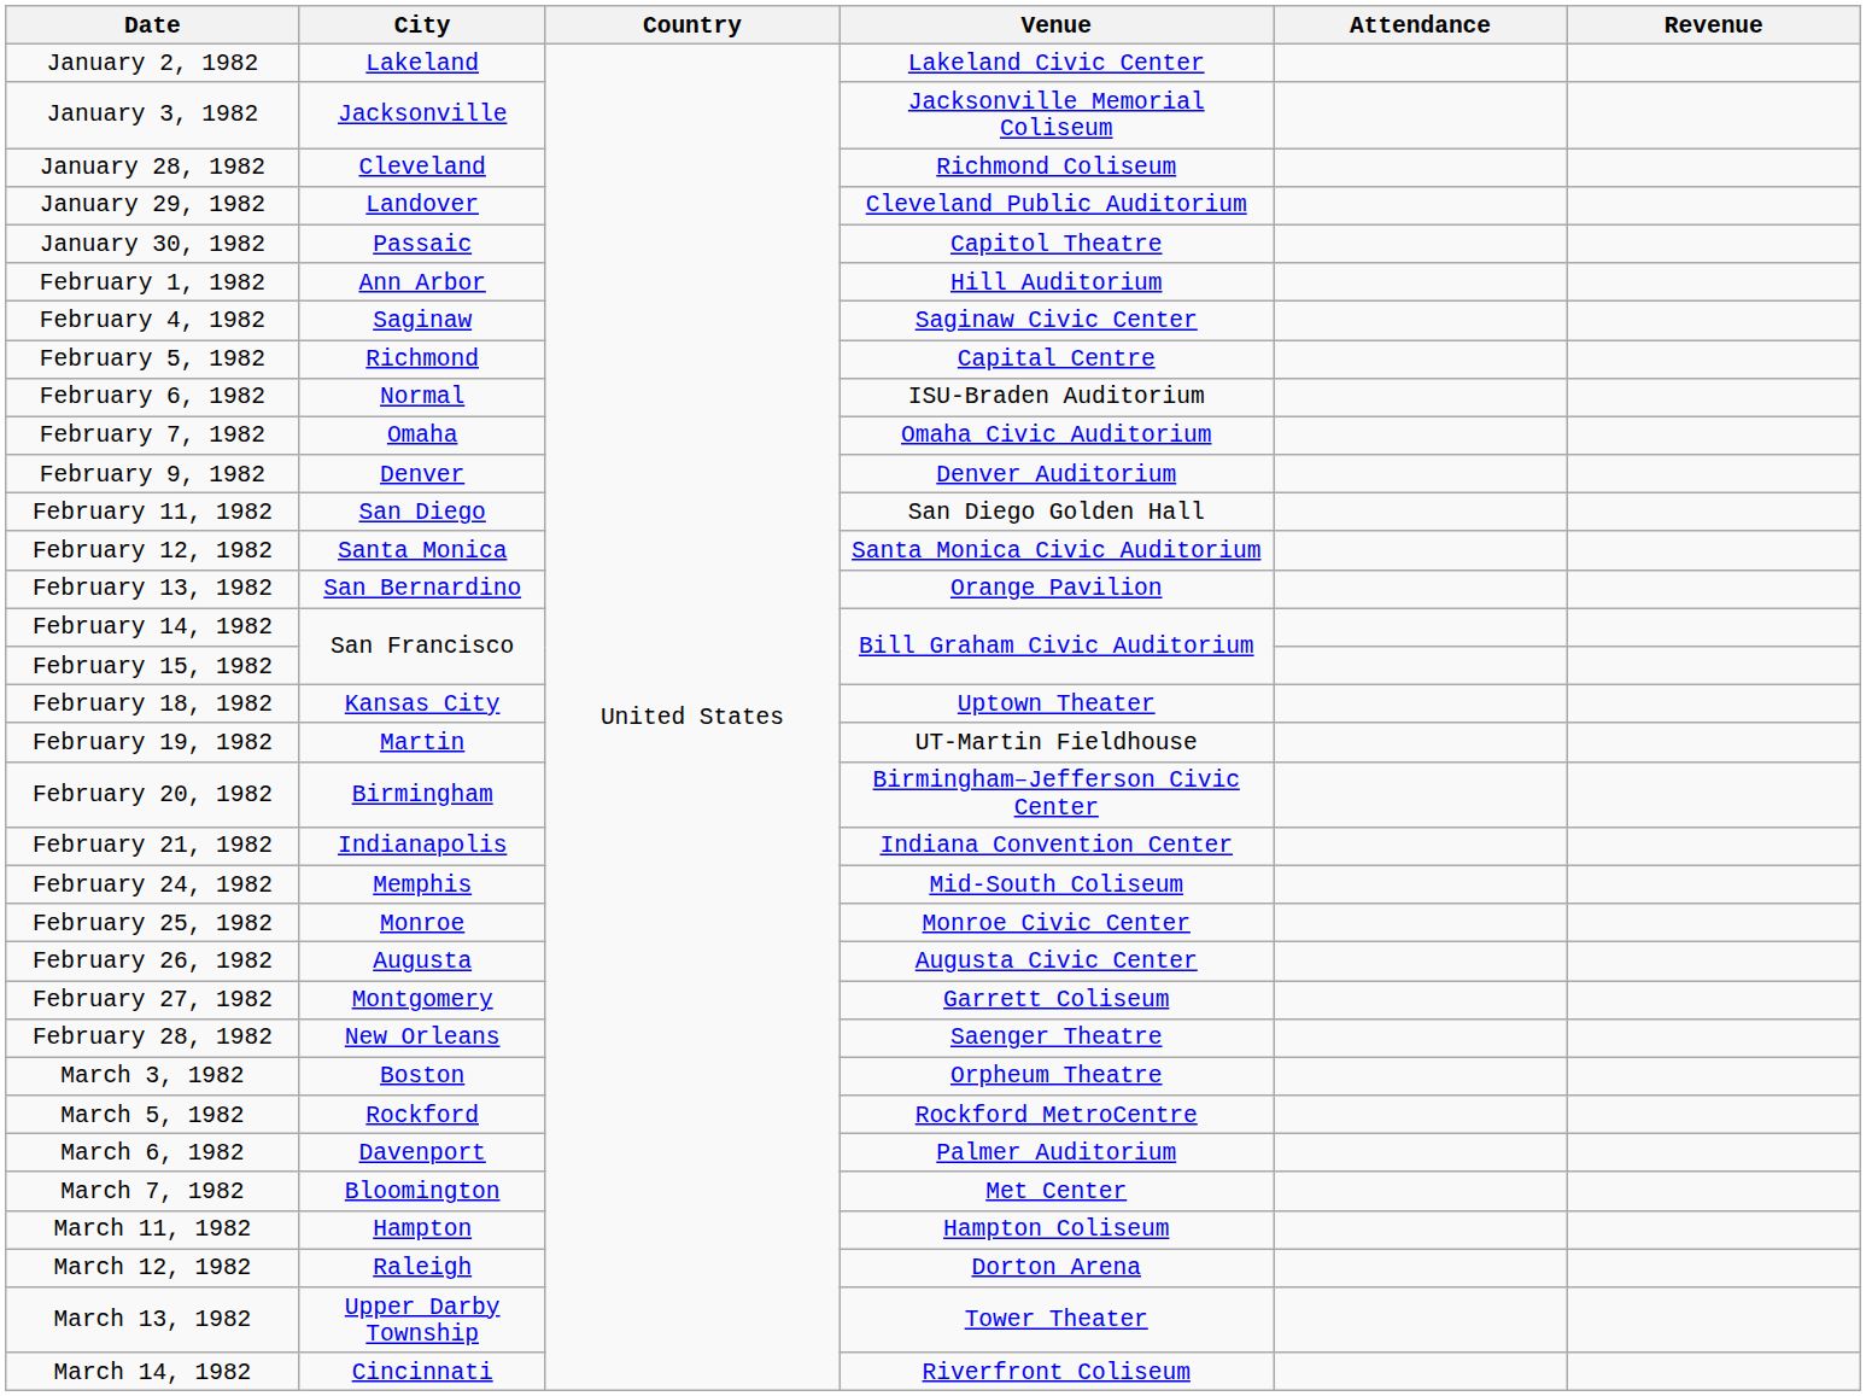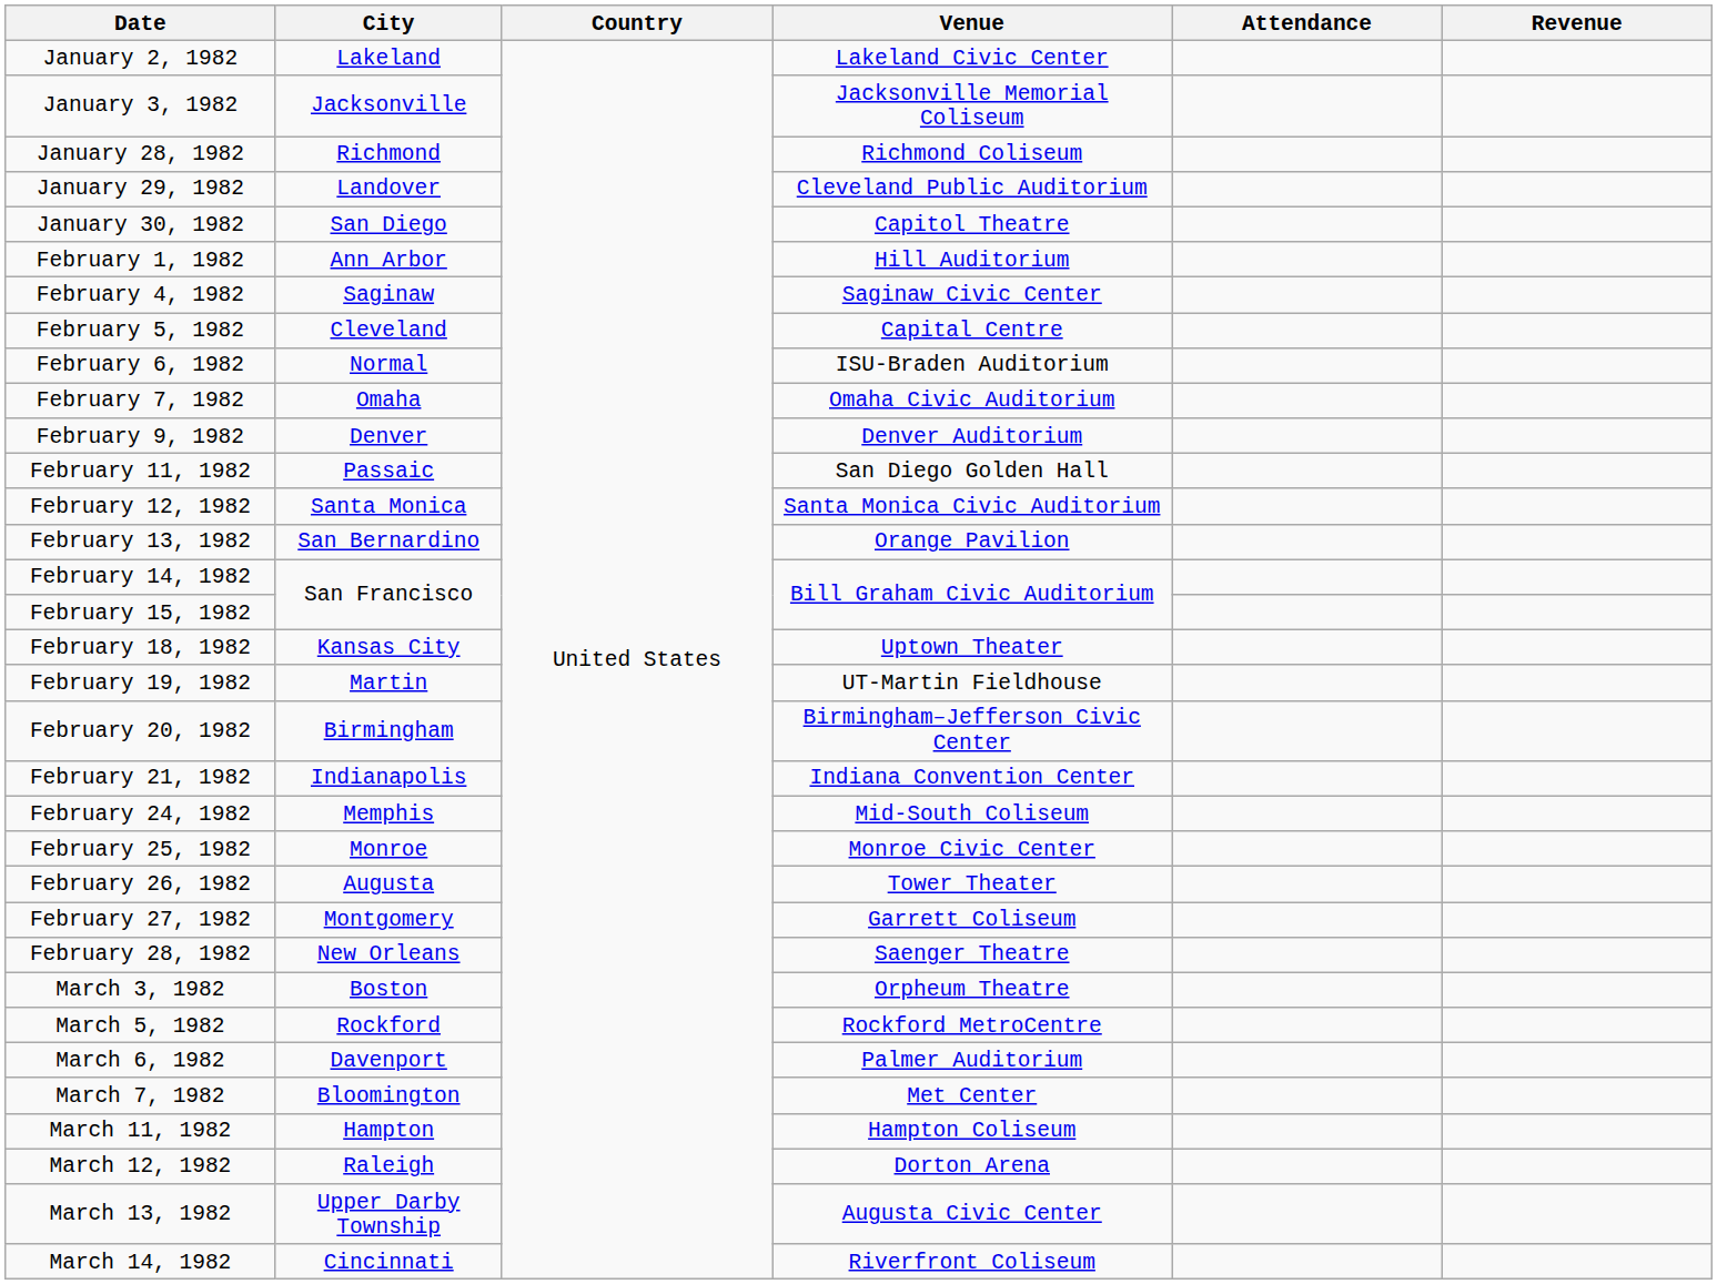 <table class="wikitable" style="text-align:center;">
 <tr>
 <th scope="col" style="width:12em;">Date</th>
 <th scope="col" style="width:10em;">City</th>
 <th scope="col" style="width:12em;">Country</th>
 <th scope="col" style="width:18em;">Venue</th>
 <th scope="col" style="width:12em;">Attendance</th>
 <th scope="col" style="width:12em;">Revenue</th>
 </tr>
 <tr>
 <td>January 2, 1982</td>
 <td><a href='#'>Lakeland</a></td>
 <td rowspan="33">United States</td>
 <td><a href='#'>Lakeland Civic Center</a></td>
 <td></td>
 <td></td>
 </tr>
 <tr>
 <td>January 3, 1982</td>
 <td><a href='#'>Jacksonville</a></td>
 <td><a href='#'>Jacksonville Memorial Coliseum</a></td>
 <td></td>
 <td></td>
 </tr>
 <tr>
 <td>January 28, 1982</td>
-<td><a href='#'>Cleveland</a></td>
+<td><a href='#'>Richmond</a></td>
 <td><a href='#'>Richmond Coliseum</a></td>
 <td></td>
 <td></td>
 </tr>
 <tr>
 <td>January 29, 1982</td>
 <td><a href='#'>Landover</a></td>
 <td><a href='#'>Cleveland Public Auditorium</a></td>
 <td></td>
 <td></td>
 </tr>
 <tr>
 <td>January 30, 1982</td>
-<td><a href='#'>Passaic</a></td>
+<td><a href='#'>San Diego</a></td>
 <td><a href='#'>Capitol Theatre</a></td>
 <td></td>
 <td></td>
 </tr>
 <tr>
 <td>February 1, 1982</td>
 <td><a href='#'>Ann Arbor</a></td>
 <td><a href='#'>Hill Auditorium</a></td>
 <td></td>
 <td></td>
 </tr>
 <tr>
 <td>February 4, 1982</td>
 <td><a href='#'>Saginaw</a></td>
 <td><a href='#'>Saginaw Civic Center</a></td>
 <td></td>
 <td></td>
 </tr>
 <tr>
 <td>February 5, 1982</td>
-<td><a href='#'>Richmond</a></td>
+<td><a href='#'>Cleveland</a></td>
 <td><a href='#'>Capital Centre</a></td>
 <td></td>
 <td></td>
 </tr>
 <tr>
 <td>February 6, 1982</td>
 <td><a href='#'>Normal</a></td>
 <td>ISU-Braden Auditorium</td>
 <td></td>
 <td></td>
 </tr>
 <tr>
 <td>February 7, 1982</td>
 <td><a href='#'>Omaha</a></td>
 <td><a href='#'>Omaha Civic Auditorium</a></td>
 <td></td>
 <td></td>
 </tr>
 <tr>
 <td>February 9, 1982</td>
 <td><a href='#'>Denver</a></td>
 <td><a href='#'>Denver Auditorium</a></td>
 <td></td>
 <td></td>
 </tr>
 <tr>
 <td>February 11, 1982</td>
-<td><a href='#'>San Diego</a></td>
+<td><a href='#'>Passaic</a></td>
 <td>San Diego Golden Hall</td>
 <td></td>
 <td></td>
 </tr>
 <tr>
 <td>February 12, 1982</td>
 <td><a href='#'>Santa Monica</a></td>
 <td><a href='#'>Santa Monica Civic Auditorium</a></td>
 <td></td>
 <td></td>
 </tr>
 <tr>
 <td>February 13, 1982</td>
 <td><a href='#'>San Bernardino</a></td>
 <td><a href='#'>Orange Pavilion</a></td>
 <td></td>
 <td></td>
 </tr>
 <tr>
 <td>February 14, 1982</td>
 <td rowspan="2">San Francisco</td>
 <td rowspan="2"><a href='#'>Bill Graham Civic Auditorium</a></td>
 <td></td>
 <td></td>
 </tr>
 <tr>
 <td>February 15, 1982</td>
 <td></td>
 <td></td>
 </tr>
 <tr>
 <td>February 18, 1982</td>
 <td><a href='#'>Kansas City</a></td>
 <td><a href='#'>Uptown Theater</a></td>
 <td></td>
 <td></td>
 </tr>
 <tr>
 <td>February 19, 1982</td>
 <td><a href='#'>Martin</a></td>
 <td>UT-Martin Fieldhouse</td>
 <td></td>
 <td></td>
 </tr>
 <tr>
 <td>February 20, 1982</td>
 <td><a href='#'>Birmingham</a></td>
 <td><a href='#'>Birmingham–Jefferson Civic Center</a></td>
 <td></td>
 <td></td>
 </tr>
 <tr>
 <td>February 21, 1982</td>
 <td><a href='#'>Indianapolis</a></td>
 <td><a href='#'>Indiana Convention Center</a></td>
 <td></td>
 <td></td>
 </tr>
 <tr>
 <td>February 24, 1982</td>
 <td><a href='#'>Memphis</a></td>
 <td><a href='#'>Mid-South Coliseum</a></td>
 <td></td>
 <td></td>
 </tr>
 <tr>
 <td>February 25, 1982</td>
 <td><a href='#'>Monroe</a></td>
 <td><a href='#'>Monroe Civic Center</a></td>
 <td></td>
 <td></td>
 </tr>
 <tr>
 <td>February 26, 1982</td>
 <td><a href='#'>Augusta</a></td>
-<td><a href='#'>Augusta Civic Center</a></td>
+<td><a href='#'>Tower Theater</a></td>
 <td></td>
 <td></td>
 </tr>
 <tr>
 <td>February 27, 1982</td>
 <td><a href='#'>Montgomery</a></td>
 <td><a href='#'>Garrett Coliseum</a></td>
 <td></td>
 <td></td>
 </tr>
 <tr>
 <td>February 28, 1982</td>
 <td><a href='#'>New Orleans</a></td>
 <td><a href='#'>Saenger Theatre</a></td>
 <td></td>
 <td></td>
 </tr>
 <tr>
 <td>March 3, 1982</td>
 <td><a href='#'>Boston</a></td>
 <td><a href='#'>Orpheum Theatre</a></td>
 <td></td>
 <td></td>
 </tr>
 <tr>
 <td>March 5, 1982</td>
 <td><a href='#'>Rockford</a></td>
 <td><a href='#'>Rockford MetroCentre</a></td>
 <td></td>
 <td></td>
 </tr>
 <tr>
 <td>March 6, 1982</td>
 <td><a href='#'>Davenport</a></td>
 <td><a href='#'>Palmer Auditorium</a></td>
 <td></td>
 <td></td>
 </tr>
 <tr>
 <td>March 7, 1982</td>
 <td><a href='#'>Bloomington</a></td>
 <td><a href='#'>Met Center</a></td>
 <td></td>
 <td></td>
 </tr>
 <tr>
 <td>March 11, 1982</td>
 <td><a href='#'>Hampton</a></td>
 <td><a href='#'>Hampton Coliseum</a></td>
 <td></td>
 <td></td>
 </tr>
 <tr>
 <td>March 12, 1982</td>
 <td><a href='#'>Raleigh</a></td>
 <td><a href='#'>Dorton Arena</a></td>
 <td></td>
 <td></td>
 </tr>
 <tr>
 <td>March 13, 1982</td>
 <td><a href='#'>Upper Darby Township</a></td>
-<td><a href='#'>Tower Theater</a></td>
+<td><a href='#'>Augusta Civic Center</a></td>
 <td></td>
 <td></td>
 </tr>
 <tr>
 <td>March 14, 1982</td>
 <td><a href='#'>Cincinnati</a></td>
 <td><a href='#'>Riverfront Coliseum</a></td>
 <td></td>
 <td></td>
 </tr>
 </table>
